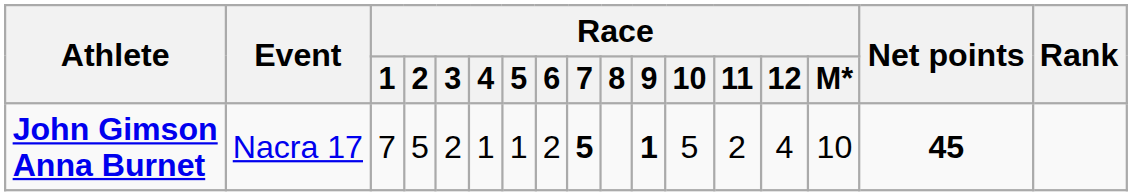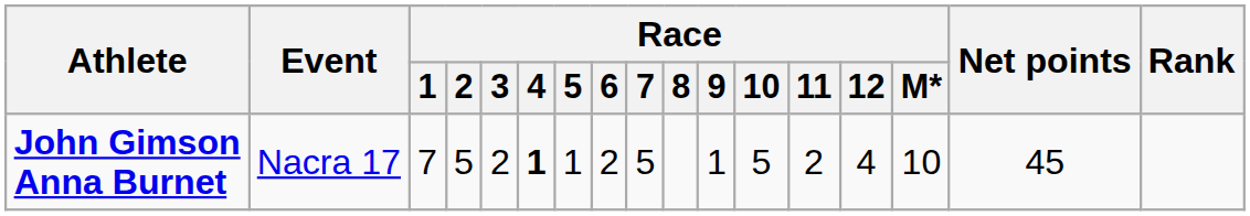 <table class=wikitable style=font-size:90%>
 <tr>
 <th rowspan=2>Athlete</th>
 <th rowspan=2>Event</th>
 <th colspan=13>Race</th>
 <th rowspan=2>Net points</th>
 <th rowspan=2>Rank</th>
 </tr>
 <tr style=font-size:95%>
 <th>1</th>
 <th>2</th>
 <th>3</th>
 <th>4</th>
 <th>5</th>
 <th>6</th>
 <th>7</th>
 <th>8</th>
 <th>9</th>
 <th>10</th>
 <th>11</th>
 <th>12</th>
 <th>M*</th>
 </tr>
 <tr align=center>
 <td align=left><strong><a href='#'>John Gimson</a><br><a href='#'>Anna Burnet</a></strong></td>
 <td align=left><a href='#'>Nacra 17</a></td>
 <td>7</td>
 <td>5</td>
 <td>2</td>
-<td>1</td>
+<td><strong>1</strong></td>
 <td>1</td>
 <td>2</td>
-<td><strong>5</strong></td>
+<td>5</td>
 <td></td>
-<td><strong>1</strong></td>
+<td>1</td>
 <td>5</td>
 <td>2</td>
 <td>4</td>
 <td>10</td>
-<td><strong>45</strong></td>
+<td>45</td>
 <td></td>
 </tr>
 </table>
